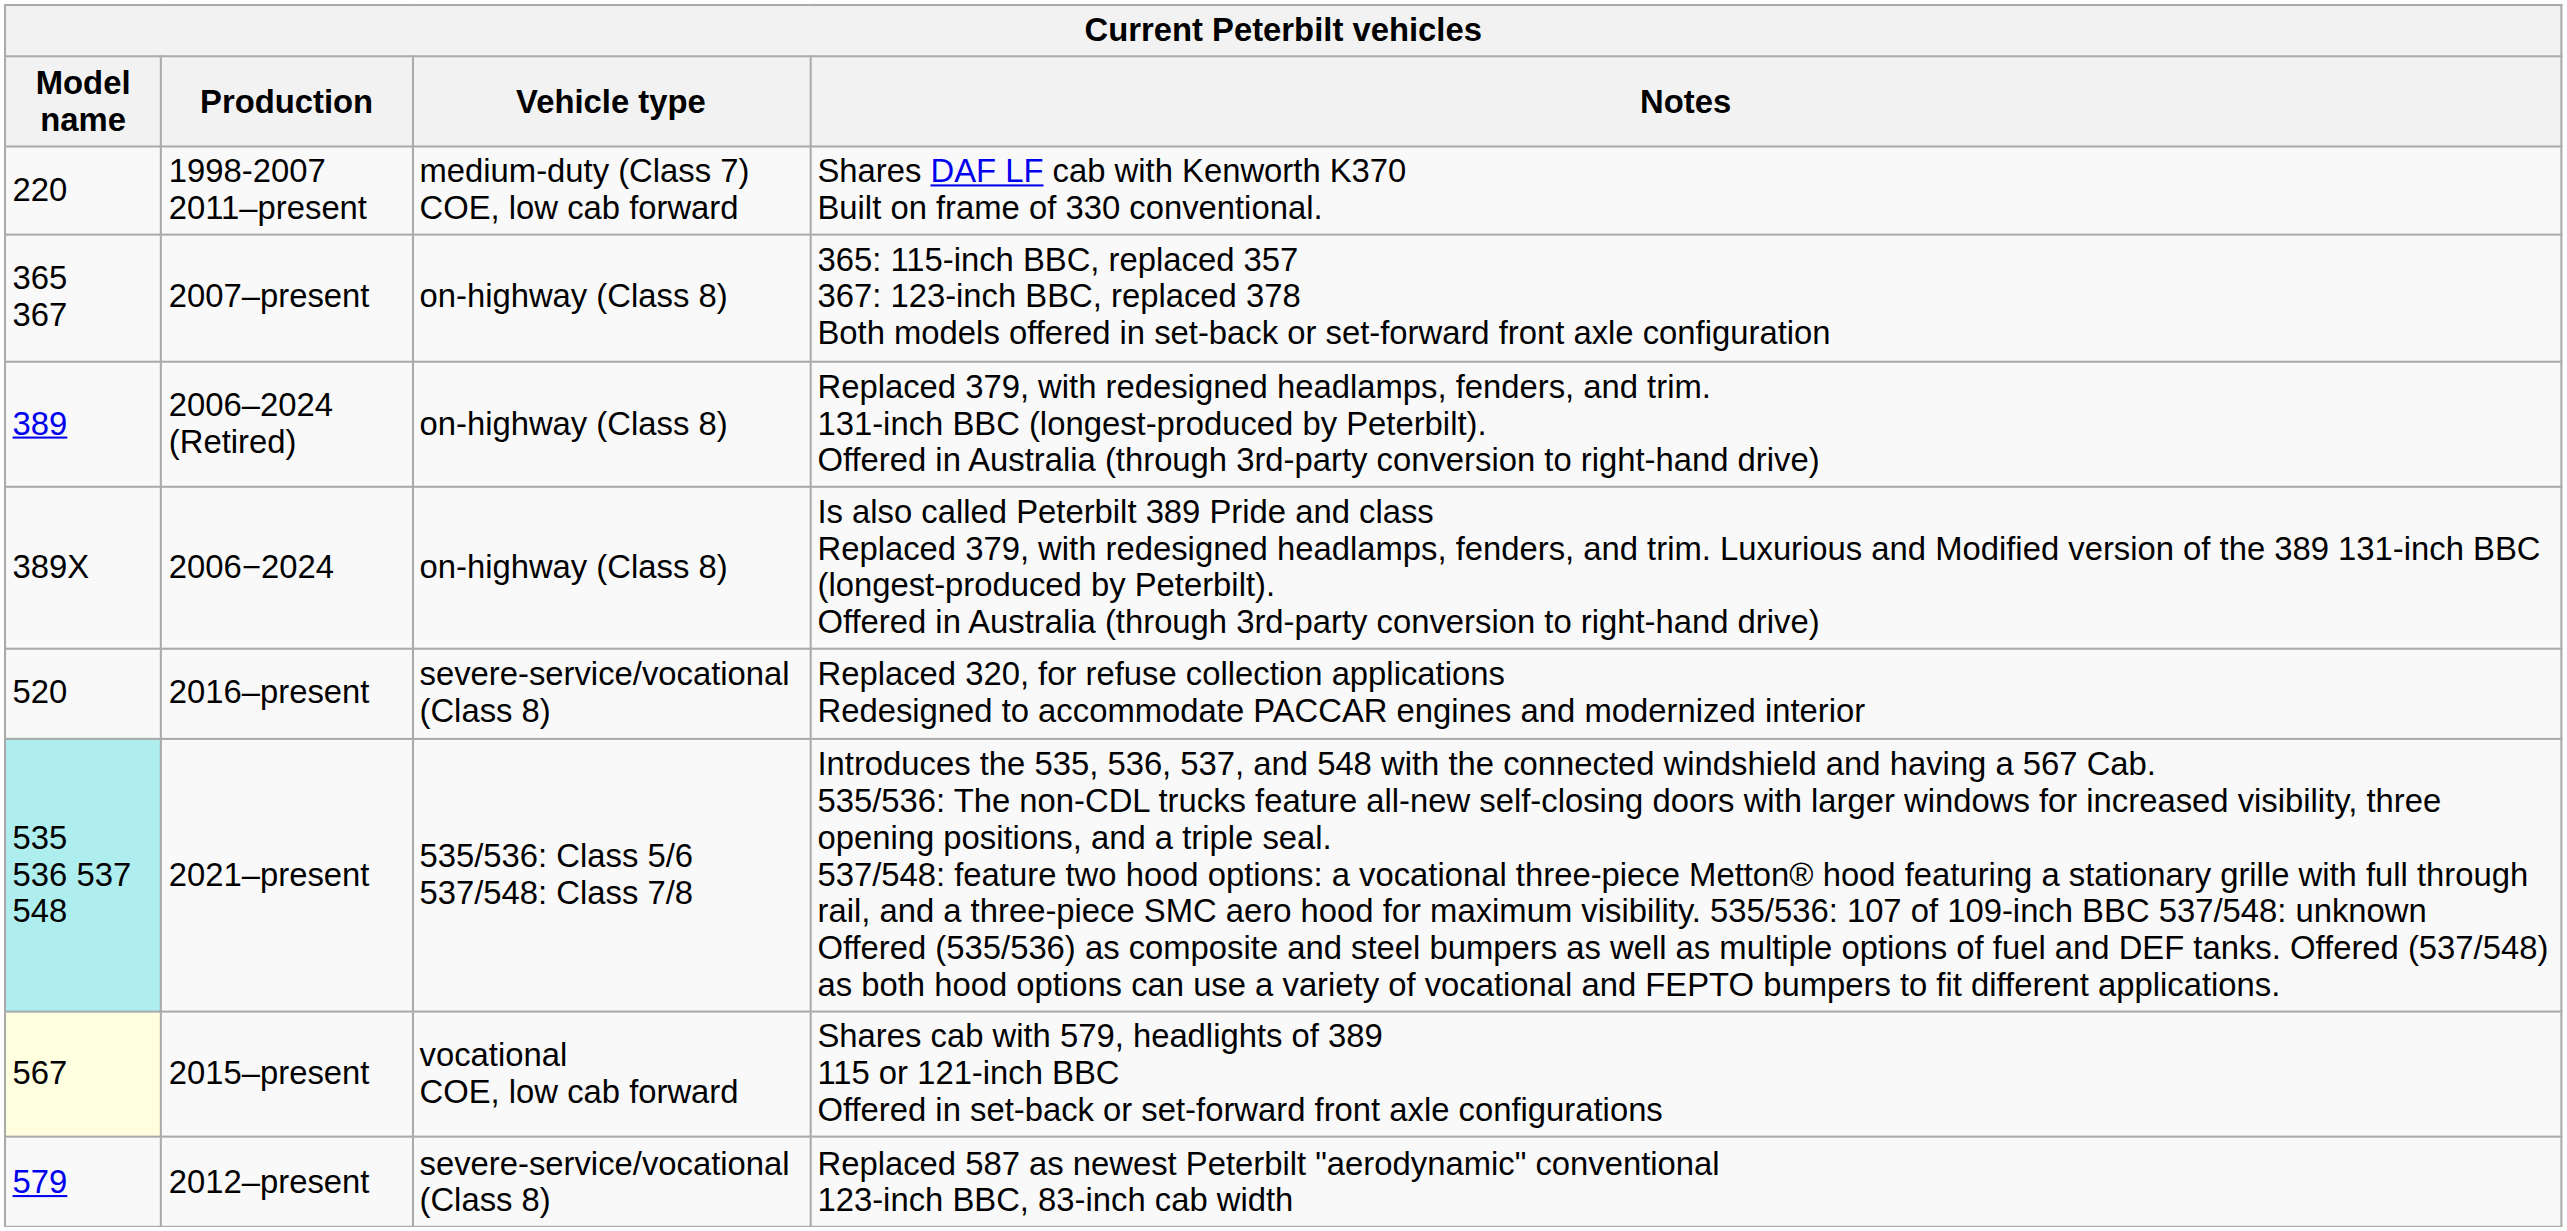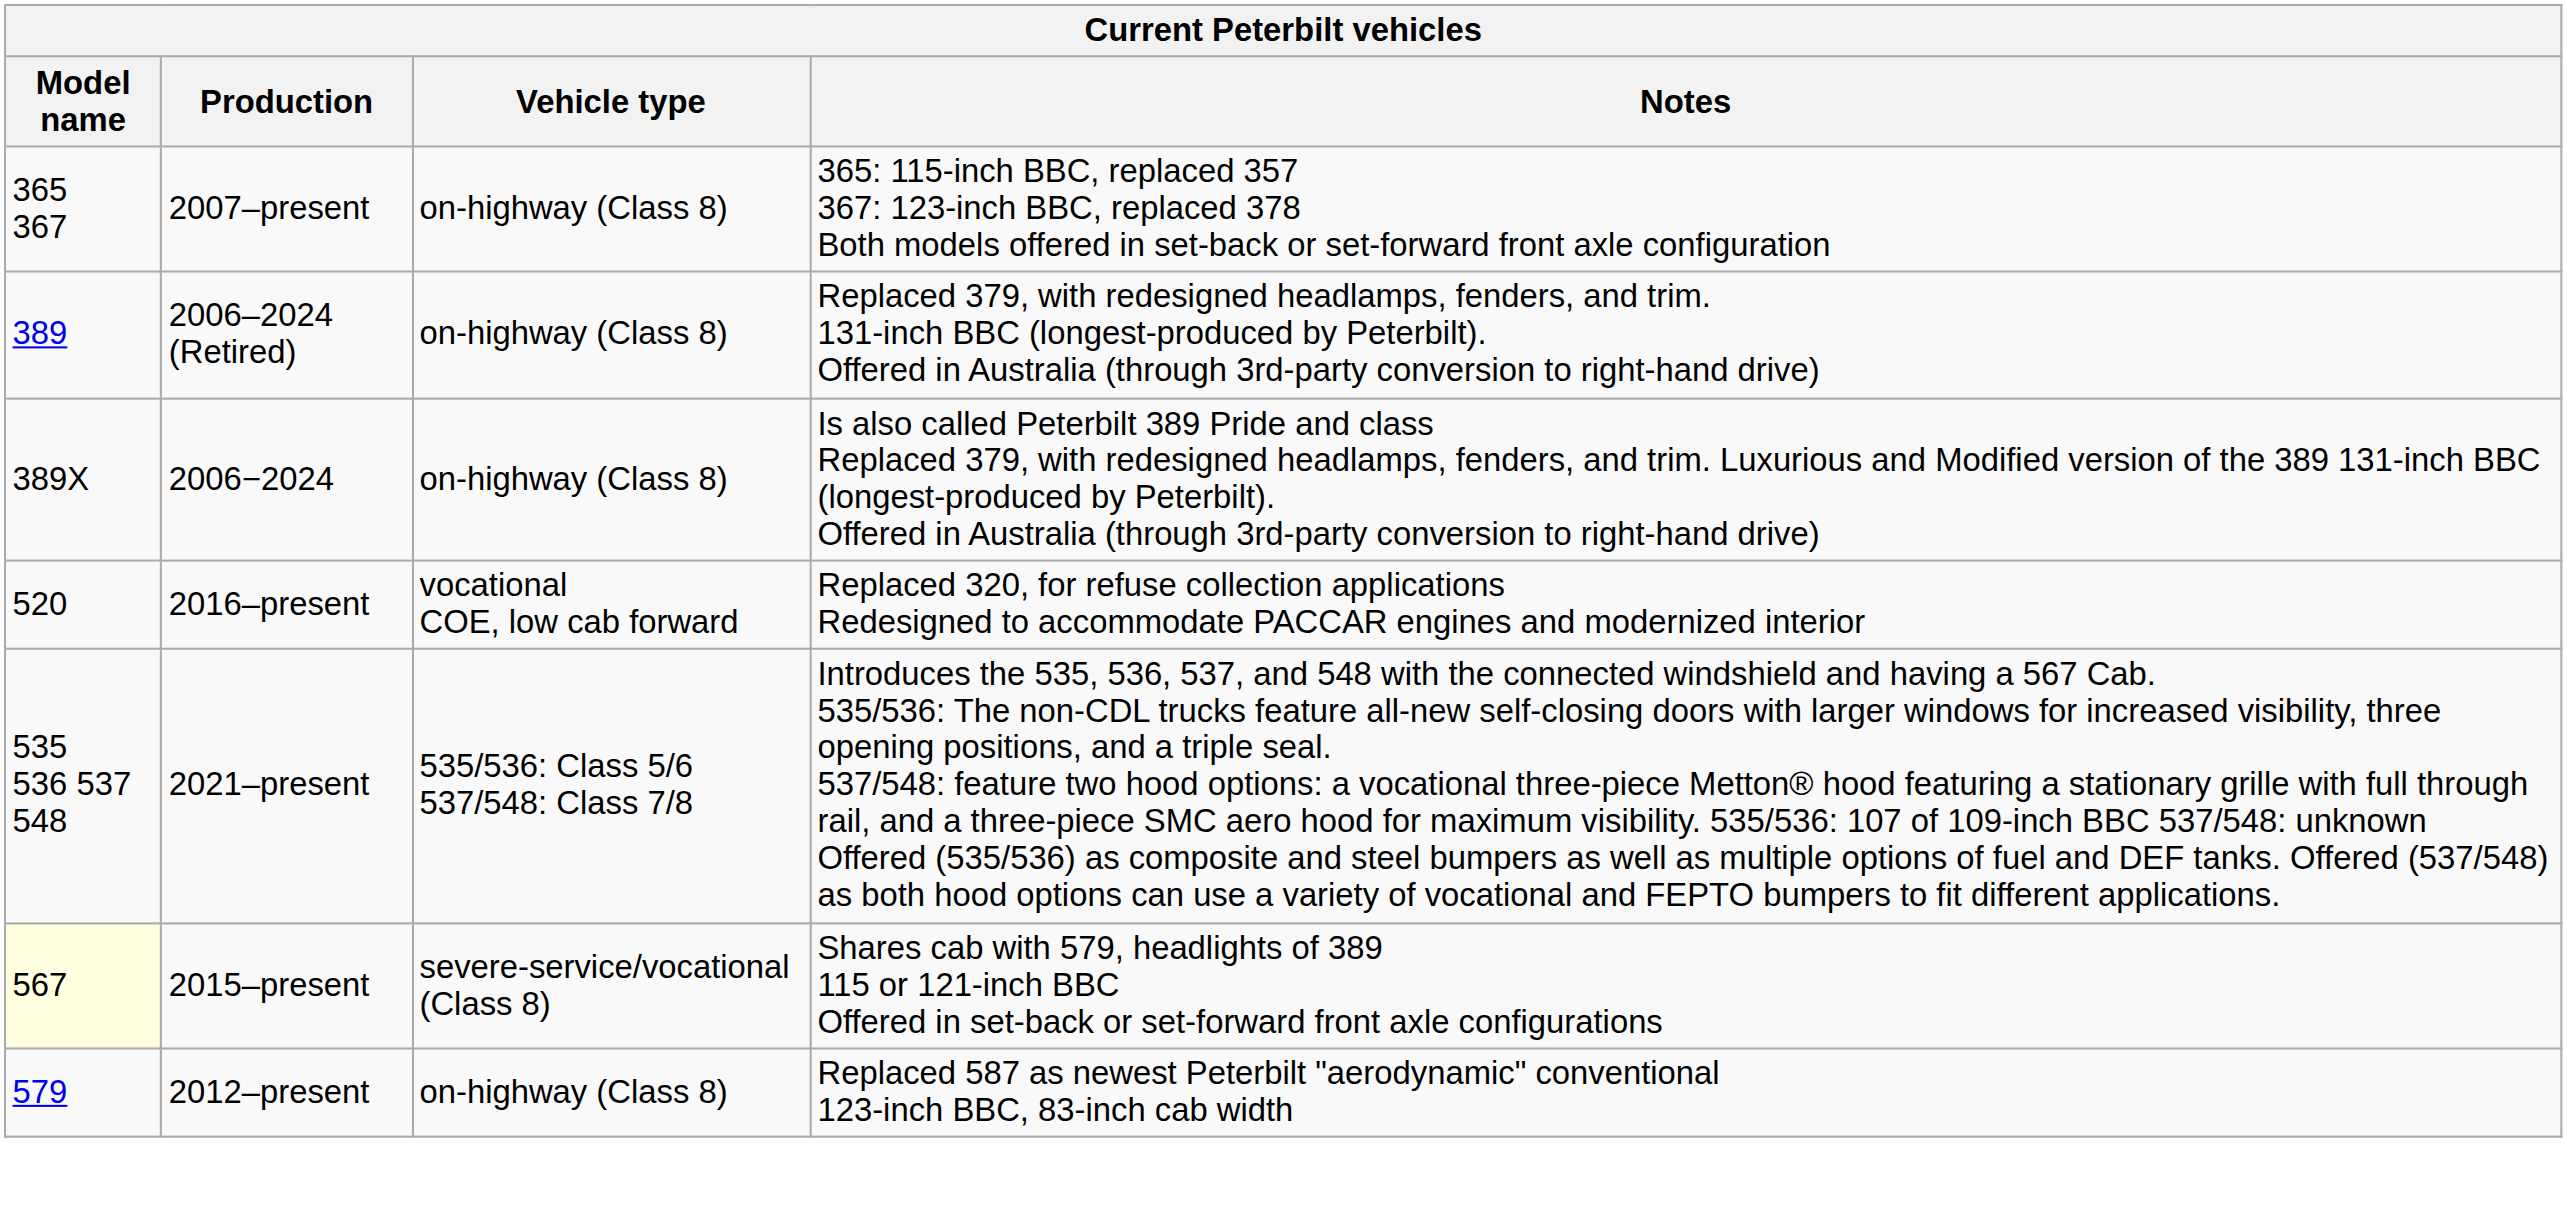 <table class="wikitable">
 <tr>
 <th colspan="4">Current Peterbilt vehicles</th>
 </tr>
 <tr>
 <th>Model name</th>
 <th>Production</th>
 <th>Vehicle type</th>
 <th>Notes</th>
-</tr>
-<tr>
-<td>220</td>
-<td>1998-2007<br>2011–present</td>
-<td>medium-duty (Class 7)<br>COE, low cab forward</td>
-<td>Shares <a href='#'>DAF LF</a> cab with Kenworth K370<br>Built on frame of 330 conventional.</td>
 </tr>
 <tr>
 <td>365<br>367</td>
 <td>2007–present</td>
 <td>on-highway (Class 8)</td>
 <td>365: 115-inch BBC, replaced 357<br>367: 123-inch BBC, replaced 378<br>Both models offered in set-back or set-forward front axle configuration</td>
 </tr>
 <tr>
 <td><a href='#'>389</a></td>
 <td>2006–2024 (Retired)</td>
 <td>on-highway (Class 8)</td>
 <td>Replaced 379, with redesigned headlamps, fenders, and trim.<br>131-inch BBC (longest-produced by Peterbilt).<br>Offered in Australia (through 3rd-party conversion to right-hand drive)</td>
 </tr>
 <tr>
 <td>389X</td>
 <td>2006−2024</td>
 <td>on-highway (Class 8)</td>
 <td>Is also called Peterbilt 389 Pride and class<br>Replaced 379, with redesigned headlamps, fenders, and trim. Luxurious and Modified version of the 389  131-inch BBC (longest-produced by Peterbilt).<br>Offered in Australia (through 3rd-party conversion to right-hand drive)</td>
 </tr>
 <tr>
 <td>520</td>
 <td>2016–present</td>
-<td>severe-service/vocational (Class 8)</td>
+<td>vocational<br>COE, low cab forward</td>
 <td>Replaced 320, for refuse collection applications<br>Redesigned to accommodate PACCAR engines and modernized interior</td>
 </tr>
 <tr>
-<td style="background: paleturquoise;">535<br>536 537 548</td>
+<td>535<br>536 537 548</td>
 <td>2021–present</td>
 <td>535/536: Class 5/6<br>537/548: Class 7/8</td>
 <td>Introduces the 535, 536, 537, and 548 with the connected windshield and having a 567 Cab.<br>535/536: The non-CDL trucks feature all-new self-closing doors with larger windows for increased visibility, three opening positions, and a triple seal.<br>537/548: feature two hood options: a vocational three-piece Metton® hood featuring a stationary grille with full through rail, and a three-piece SMC aero hood for maximum visibility.  535/536: 107 of 109-inch BBC 537/548: unknown<br>Offered (535/536) as composite and steel bumpers as well as multiple options of fuel and DEF tanks. Offered (537/548) as both hood options can use a variety of vocational and FEPTO bumpers to fit different applications.</td>
 </tr>
 <tr>
 <td style="background: lightyellow;">567</td>
 <td>2015–present</td>
-<td>vocational<br>COE, low cab forward</td>
+<td>severe-service/vocational (Class 8)</td>
 <td>Shares cab with 579, headlights of 389<br>115 or 121-inch BBC<br>Offered in set-back or set-forward front axle configurations</td>
 </tr>
 <tr>
 <td><a href='#'>579</a></td>
 <td>2012–present</td>
-<td>severe-service/vocational (Class 8)</td>
+<td>on-highway (Class 8)</td>
 <td>Replaced 587 as newest Peterbilt "aerodynamic" conventional<br>123-inch BBC, 83-inch cab width</td>
 </tr>
 </table>
